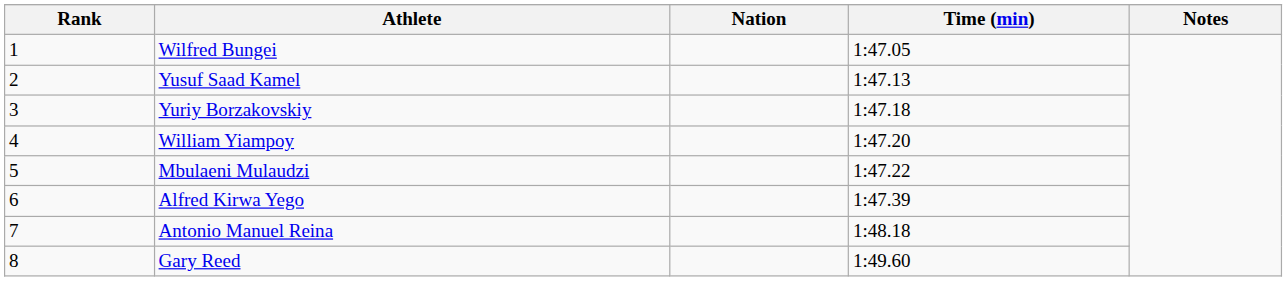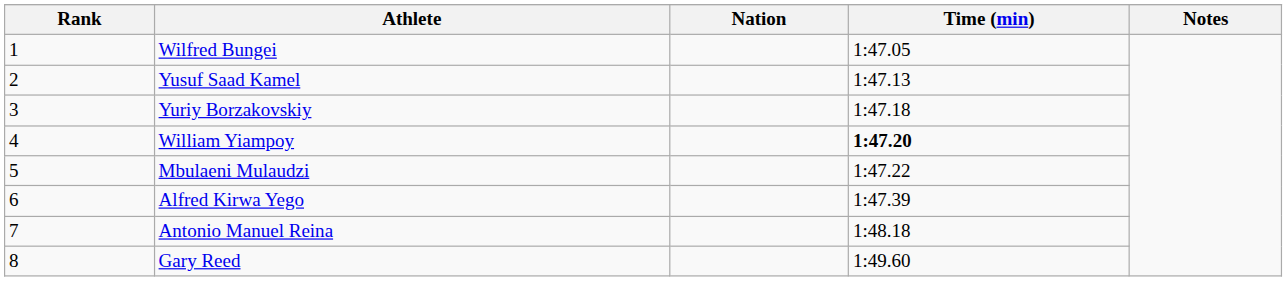 <table class="wikitable" width=85%>
 <tr>
 </tr>
 <tr>
 <th>Rank</th>
 <th>Athlete</th>
 <th>Nation</th>
 <th>Time (<a href='#'>min</a>)</th>
 <th>Notes</th>
 </tr>
 <tr>
 <td>1</td>
 <td><a href='#'>Wilfred Bungei</a></td>
 <td></td>
 <td>1:47.05</td>
 </tr>
 <tr>
 <td>2</td>
 <td><a href='#'>Yusuf Saad Kamel</a></td>
 <td></td>
 <td>1:47.13</td>
 </tr>
 <tr>
 <td>3</td>
 <td><a href='#'>Yuriy Borzakovskiy</a></td>
 <td></td>
 <td>1:47.18</td>
 </tr>
 <tr>
 <td>4</td>
 <td><a href='#'>William Yiampoy</a></td>
 <td></td>
-<td>1:47.20</td>
+<td><strong>1:47.20</strong></td>
 </tr>
 <tr>
 <td>5</td>
 <td><a href='#'>Mbulaeni Mulaudzi</a></td>
 <td></td>
 <td>1:47.22</td>
 </tr>
 <tr>
 <td>6</td>
 <td><a href='#'>Alfred Kirwa Yego</a></td>
 <td></td>
 <td>1:47.39</td>
 </tr>
 <tr>
 <td>7</td>
 <td><a href='#'>Antonio Manuel Reina</a></td>
 <td></td>
 <td>1:48.18</td>
 </tr>
 <tr>
 <td>8</td>
 <td><a href='#'>Gary Reed</a></td>
 <td></td>
 <td>1:49.60</td>
 </tr>
 </table>
